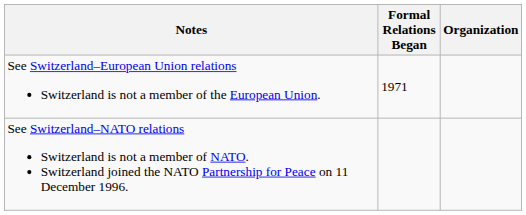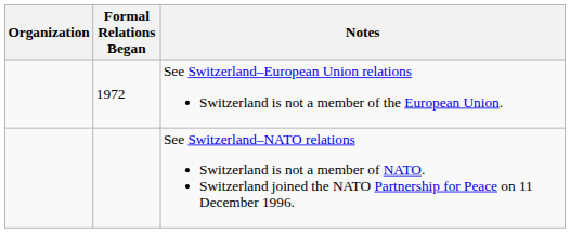 <table class="wikitable sortable" border="1" style="width:100%; margin:auto;">
 <tr>
+<th width="15%">Organization</th>
+<th width="12%">Formal Relations Began</th>
 <th>Notes</th>
-<th width="12%">Formal Relations Began</th>
-<th width="15%">Organization</th>
 </tr>
 <tr -valign="top">
+<td></td>
+<td>1972</td>
 <td>See <a href='#'>Switzerland–European Union relations</a><br><ul><li>Switzerland is not a member of the <a href='#'>European Union</a>.</li></ul></td>
-<td>1971</td>
-<td></td>
 </tr>
 <tr -valign="top">
-<td>See <a href='#'>Switzerland–NATO relations</a><br><ul><li>Switzerland is not a member of <a href='#'>NATO</a>.</li><li>Switzerland joined the NATO <a href='#'>Partnership for Peace</a> on 11 December 1996.</li></ul></td>
 <td></td>
 <td></td>
+<td>See <a href='#'>Switzerland–NATO relations</a><br><ul><li>Switzerland is not a member of <a href='#'>NATO</a>.</li><li>Switzerland joined the NATO <a href='#'>Partnership for Peace</a> on 11 December 1996.</li></ul></td>
 </tr>
 </table>
